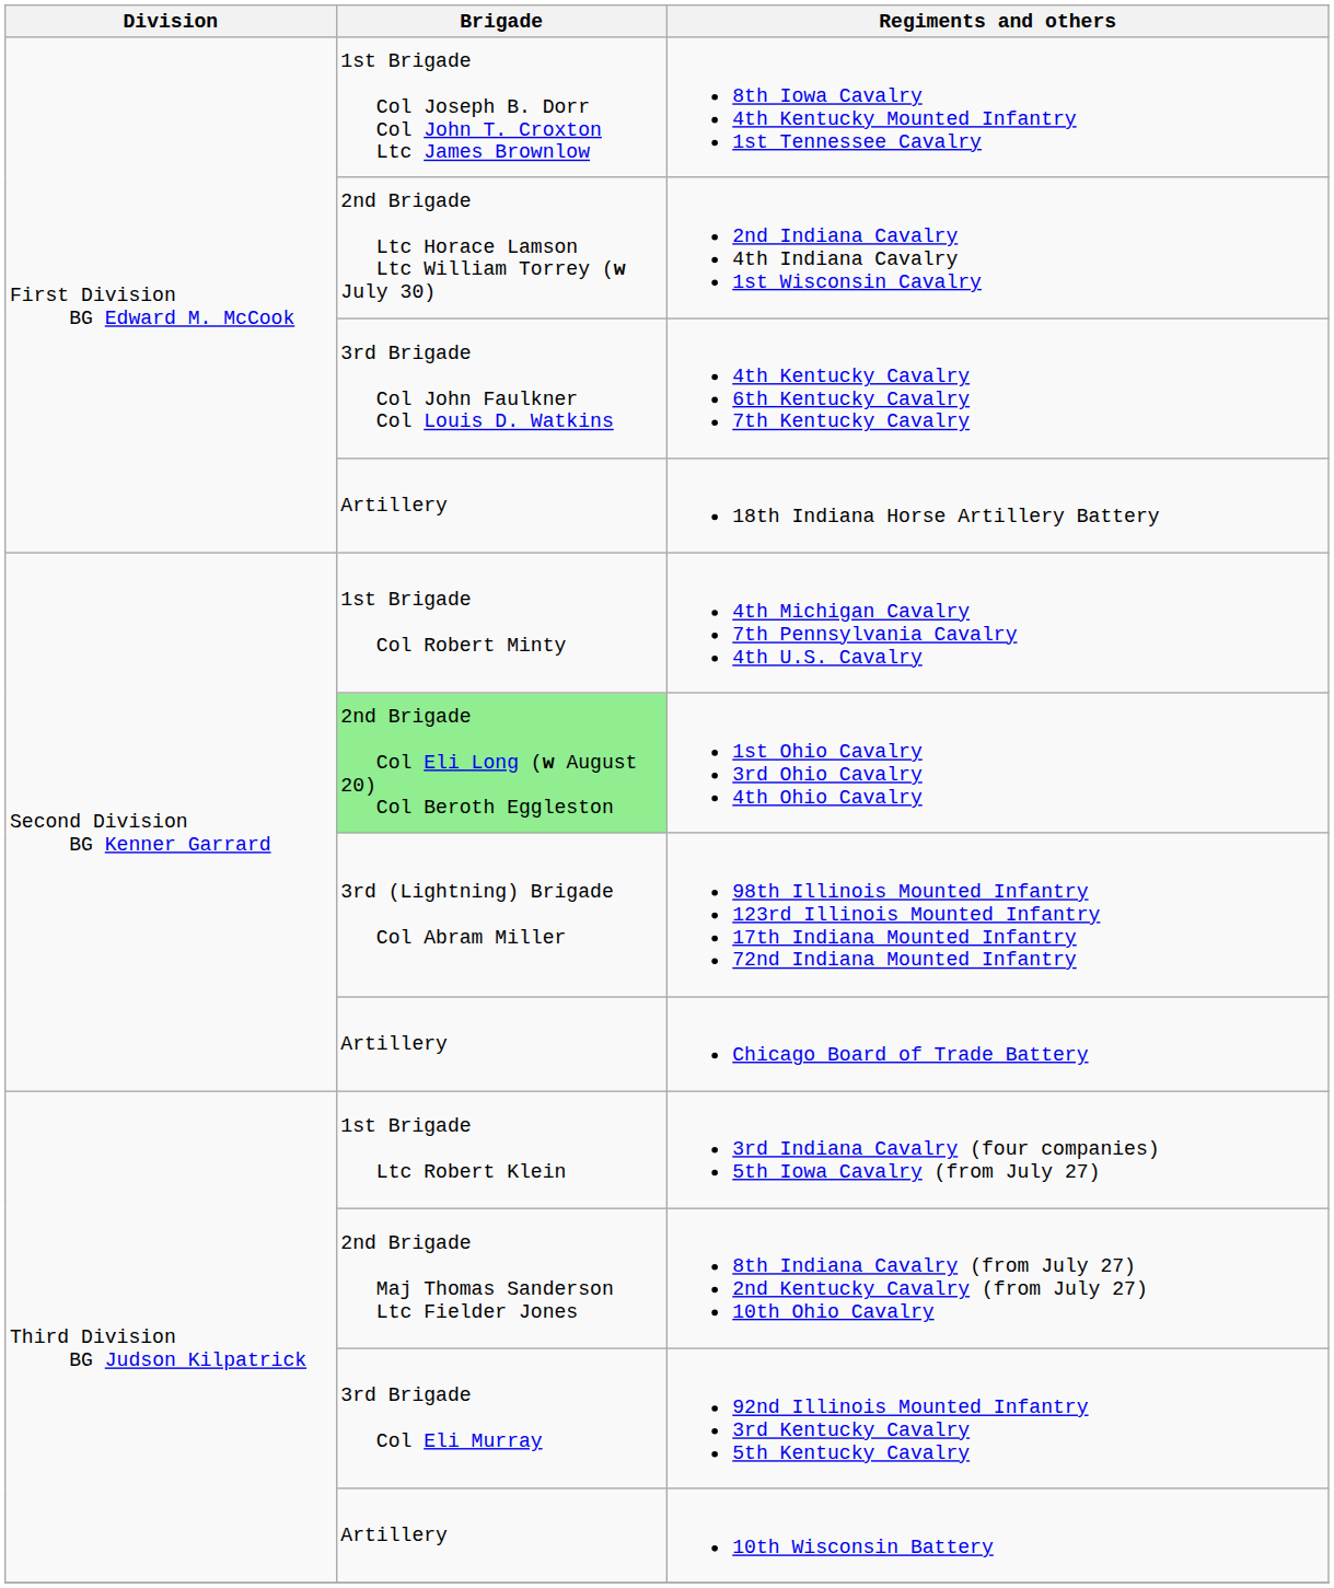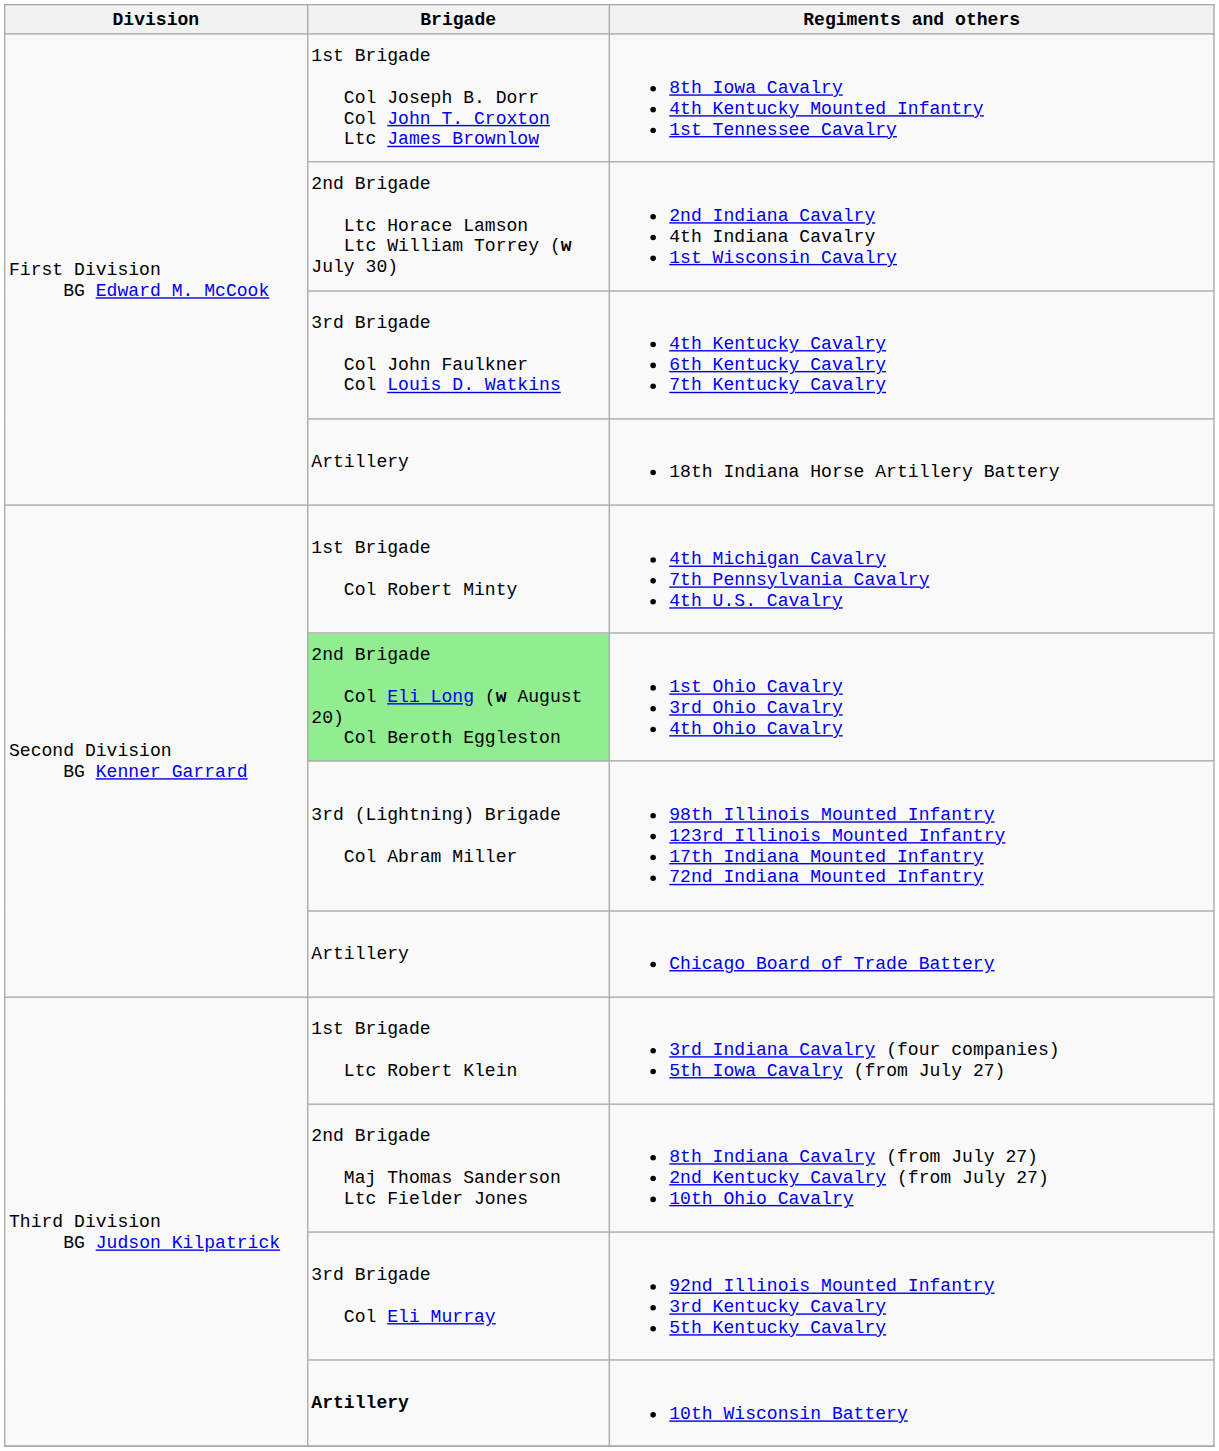 <table class="wikitable">
 <tr>
 <th width=25%>Division</th>
 <th width=25%>Brigade</th>
 <th>Regiments and others</th>
 </tr>
 <tr>
 <td rowspan=4><br>First Division <br>     BG <a href='#'>Edward M. McCook</a></td>
 <td>1st Brigade<br><br>   Col Joseph B. Dorr<br>   Col <a href='#'>John T. Croxton</a><br>   Ltc <a href='#'>James Brownlow</a></td>
 <td><br><ul><li><a href='#'>8th Iowa Cavalry</a></li><li><a href='#'>4th Kentucky Mounted Infantry</a></li><li><a href='#'>1st Tennessee Cavalry</a></li></ul></td>
 </tr>
 <tr>
 <td>2nd Brigade<br><br>   Ltc Horace Lamson<br>   Ltc William Torrey (<strong>w</strong> July 30)</td>
 <td><br><ul><li><a href='#'>2nd Indiana Cavalry</a></li><li>4th Indiana Cavalry</li><li><a href='#'>1st Wisconsin Cavalry</a></li></ul></td>
 </tr>
 <tr>
 <td>3rd Brigade<br><br>   Col John Faulkner<br>   Col <a href='#'>Louis D. Watkins</a></td>
 <td><br><ul><li><a href='#'>4th Kentucky Cavalry</a></li><li><a href='#'>6th Kentucky Cavalry</a></li><li><a href='#'>7th Kentucky Cavalry</a></li></ul></td>
 </tr>
 <tr>
 <td>Artillery</td>
 <td><br><ul><li>18th Indiana Horse Artillery Battery</li></ul></td>
 </tr>
 <tr>
 <td rowspan=4><br>Second Division <br>     BG <a href='#'>Kenner Garrard</a></td>
 <td>1st Brigade<br><br>   Col Robert Minty</td>
 <td><br><ul><li><a href='#'>4th Michigan Cavalry</a></li><li><a href='#'>7th Pennsylvania Cavalry</a></li><li><a href='#'>4th U.S. Cavalry</a></li></ul></td>
 </tr>
 <tr>
 <td style="background: lightgreen;">2nd Brigade<br><br>   Col <a href='#'>Eli Long</a> (<strong>w</strong> August 20)<br>   Col Beroth Eggleston</td>
 <td><br><ul><li><a href='#'>1st Ohio Cavalry</a></li><li><a href='#'>3rd Ohio Cavalry</a></li><li><a href='#'>4th Ohio Cavalry</a></li></ul></td>
 </tr>
 <tr>
 <td>3rd (Lightning) Brigade<br><br>   Col Abram Miller</td>
 <td><br><ul><li><a href='#'>98th Illinois Mounted Infantry</a></li><li><a href='#'>123rd Illinois Mounted Infantry</a></li><li><a href='#'>17th Indiana Mounted Infantry</a></li><li><a href='#'>72nd Indiana Mounted Infantry</a></li></ul></td>
 </tr>
 <tr>
 <td>Artillery</td>
 <td><br><ul><li><a href='#'>Chicago Board of Trade Battery</a></li></ul></td>
 </tr>
 <tr>
 <td rowspan=4><br>Third Division <br>     BG <a href='#'>Judson Kilpatrick</a></td>
 <td>1st Brigade<br><br>   Ltc Robert Klein</td>
 <td><br><ul><li><a href='#'>3rd Indiana Cavalry</a> (four companies)</li><li><a href='#'>5th Iowa Cavalry</a> (from July 27)</li></ul></td>
 </tr>
 <tr>
 <td>2nd Brigade<br><br>   Maj Thomas Sanderson<br>   Ltc Fielder Jones</td>
 <td><br><ul><li><a href='#'>8th Indiana Cavalry</a> (from July 27)</li><li><a href='#'>2nd Kentucky Cavalry</a> (from July 27)</li><li><a href='#'>10th Ohio Cavalry</a></li></ul></td>
 </tr>
 <tr>
 <td>3rd Brigade<br><br>   Col <a href='#'>Eli Murray</a></td>
 <td><br><ul><li><a href='#'>92nd Illinois Mounted Infantry</a></li><li><a href='#'>3rd Kentucky Cavalry</a></li><li><a href='#'>5th Kentucky Cavalry</a></li></ul></td>
 </tr>
 <tr>
-<td>Artillery</td>
+<td><strong>Artillery</strong></td>
 <td><br><ul><li><a href='#'>10th Wisconsin Battery</a></li></ul></td>
 </tr>
 <tr>
 </tr>
 </table>
